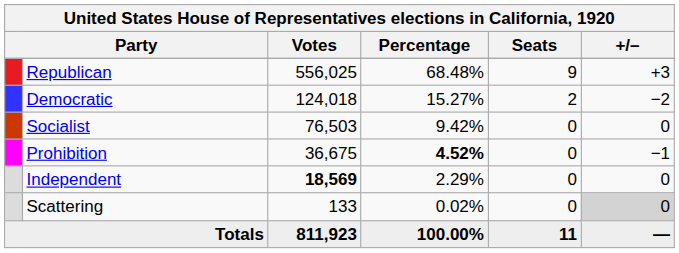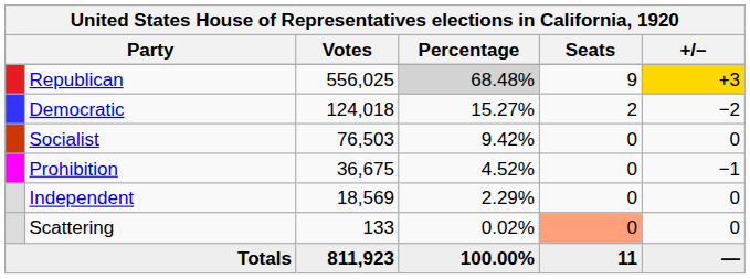 <table class="wikitable" style="font-size: 95%;">
 <tr>
 <th colspan="6">United States House of Representatives elections in California, 1920</th>
 </tr>
 <tr>
 <th colspan=2 style="width: 15em">Party</th>
 <th style="width: 5em">Votes</th>
 <th style="width: 7em">Percentage</th>
 <th style="width: 5em">Seats</th>
 <th style="width: 5em">+/–</th>
 </tr>
 <tr>
 </tr>
 <tr>
 <th style="background-color:#E81B23; width: 3px"></th>
 <td style="width: 130px"><a href='#'>Republican</a></td>
 <td style="text-align:right;">556,025</td>
-<td style="text-align:right;">68.48%</td>
+<td style="background: lightgrey; text-align:right;">68.48%</td>
 <td style="text-align:right;">9</td>
-<td style="text-align:right;">+3</td>
+<td style="background: gold; text-align:right;">+3</td>
 </tr>
 <tr>
 <th style="background-color:#3333FF; width: 3px"></th>
 <td style="width: 130px"><a href='#'>Democratic</a></td>
 <td style="text-align:right;">124,018</td>
 <td style="text-align:right;">15.27%</td>
 <td style="text-align:right;">2</td>
 <td style="text-align:right;">−2</td>
 </tr>
 <tr>
 <th style="background-color:#CD3700; width: 3px"></th>
 <td style="width: 130px"><a href='#'>Socialist</a></td>
 <td style="text-align:right;">76,503</td>
 <td style="text-align:right;">9.42%</td>
 <td style="text-align:right;">0</td>
 <td style="text-align:right;">0</td>
 </tr>
 <tr>
 <th style="background-color:#FF00FF; width: 3px"></th>
 <td style="width: 130px"><a href='#'>Prohibition</a></td>
 <td style="text-align:right;">36,675</td>
-<td style="text-align:right;"><strong>4.52%</strong></td>
+<td style="text-align:right;">4.52%</td>
 <td style="text-align:right;">0</td>
 <td style="text-align:right;">−1</td>
 </tr>
 <tr>
 <th style="background-color:#DCDCDC; width: 3px"></th>
 <td style="width: 130px"><a href='#'>Independent</a></td>
-<td style="text-align:right;"><strong>18,569</strong></td>
+<td style="text-align:right;">18,569</td>
 <td style="text-align:right;">2.29%</td>
 <td style="text-align:right;">0</td>
 <td style="text-align:right;">0</td>
 </tr>
 <tr>
 <th style="background-color:#DCDCDC; width: 3px"></th>
 <td style="width: 130px">Scattering</td>
 <td style="text-align:right;">133</td>
 <td style="text-align:right;">0.02%</td>
+<td style="background: lightsalmon; text-align:right;">0</td>
 <td style="text-align:right;">0</td>
-<td style="background: lightgrey; text-align:right;">0</td>
 </tr>
 <tr style="background-color:#EEEEEE;">
 <td colspan="2" align="right"><strong>Totals</strong></td>
 <td style="text-align:right;"><strong>811,923</strong></td>
 <td style="text-align:right;"><strong>100.00%</strong></td>
 <td style="text-align:right;"><strong>11</strong></td>
 <td style="text-align:right;"><strong>—</strong></td>
 </tr>
 </table>
